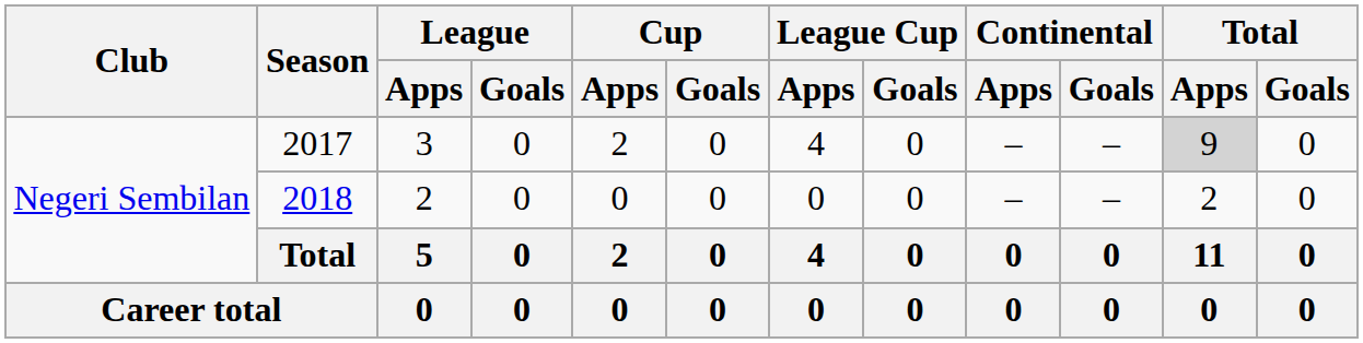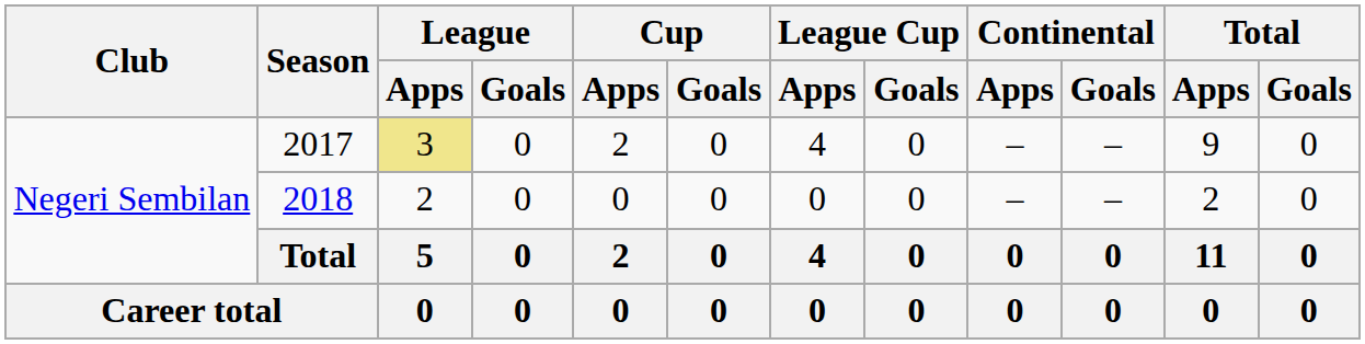 <table class="wikitable" style="text-align: center;">
 <tr>
 <th rowspan="2">Club</th>
 <th rowspan="2">Season</th>
 <th colspan="2">League</th>
 <th colspan="2">Cup</th>
 <th colspan="2">League Cup</th>
 <th colspan="2">Continental</th>
 <th colspan="2">Total</th>
 </tr>
 <tr>
 <th>Apps</th>
 <th>Goals</th>
 <th>Apps</th>
 <th>Goals</th>
 <th>Apps</th>
 <th>Goals</th>
 <th>Apps</th>
 <th>Goals</th>
 <th>Apps</th>
 <th>Goals</th>
 </tr>
 <tr>
 <td rowspan="3" valign="center"><a href='#'>Negeri Sembilan</a></td>
 <td>2017</td>
-<td>3</td>
+<td style="background: khaki;">3</td>
 <td>0</td>
 <td>2</td>
 <td>0</td>
 <td>4</td>
 <td>0</td>
 <td>–</td>
 <td>–</td>
-<td style="background: lightgrey;">9</td>
+<td>9</td>
 <td>0</td>
 </tr>
 <tr>
 <td><a href='#'>2018</a></td>
 <td>2</td>
 <td>0</td>
 <td>0</td>
 <td>0</td>
 <td>0</td>
 <td>0</td>
 <td>–</td>
 <td>–</td>
 <td>2</td>
 <td>0</td>
 </tr>
 <tr>
 <th>Total</th>
 <th>5</th>
 <th>0</th>
 <th>2</th>
 <th>0</th>
 <th>4</th>
 <th>0</th>
 <th>0</th>
 <th>0</th>
 <th>11</th>
 <th>0</th>
 </tr>
 <tr>
 <th colspan=2>Career total</th>
 <th>0</th>
 <th>0</th>
 <th>0</th>
 <th>0</th>
 <th>0</th>
 <th>0</th>
 <th>0</th>
 <th>0</th>
 <th>0</th>
 <th>0</th>
 </tr>
 </table>
